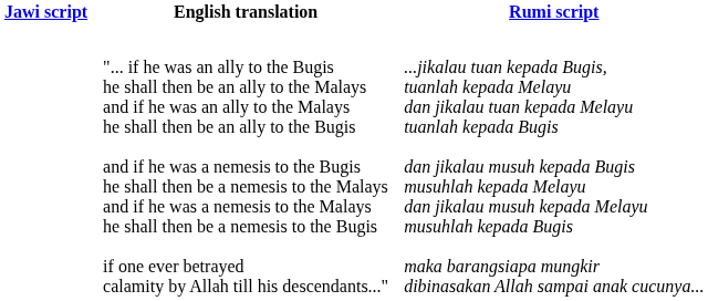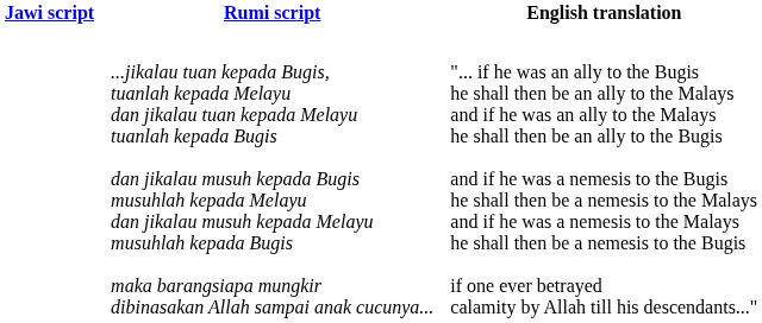 <table cellpadding=6>
 <tr>
 <th><a href='#'>Jawi script</a></th>
+<th><a href='#'>Rumi script</a></th>
 <th>English translation</th>
-<th><a href='#'>Rumi script</a></th>
 </tr>
 <tr style="vertical-align:top; white-space:nowrap;">
 <td><div></div></td>
+<td><br><em>...jikalau tuan kepada Bugis,</em><br> <em>tuanlah kepada Melayu</em><br> <em>dan jikalau tuan kepada Melayu</em><br> <em>tuanlah kepada Bugis</em><br> <br> <em>dan jikalau musuh kepada Bugis</em> <br> <em>musuhlah kepada Melayu</em> <br> <em>dan jikalau musuh kepada Melayu</em> <br> <em>musuhlah kepada Bugis</em> <br> <br> <em>maka barangsiapa mungkir</em><br> <em>dibinasakan Allah sampai anak cucunya...</em></td>
 <td><br>"... if he was an ally to the Bugis<br> he shall then be an ally to the Malays<br> and if he was an ally to the Malays<br> he shall then be an ally to the Bugis<br> <br> and if he was a nemesis to the Bugis<br> he shall then be a nemesis to the Malays<br> and if he was a nemesis to the Malays<br> he shall then be a nemesis to the Bugis<br> <br> if one ever betrayed<br> calamity by Allah till his descendants..."</td>
-<td><br><em>...jikalau tuan kepada Bugis,</em><br> <em>tuanlah kepada Melayu</em><br> <em>dan jikalau tuan kepada Melayu</em><br> <em>tuanlah kepada Bugis</em><br> <br> <em>dan jikalau musuh kepada Bugis</em> <br> <em>musuhlah kepada Melayu</em> <br> <em>dan jikalau musuh kepada Melayu</em> <br> <em>musuhlah kepada Bugis</em> <br> <br> <em>maka barangsiapa mungkir</em><br> <em>dibinasakan Allah sampai anak cucunya...</em></td>
 </tr>
 </table>
